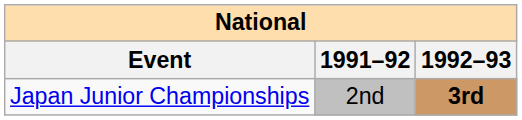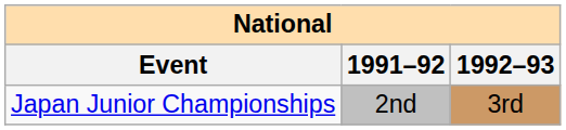 <table class="wikitable" style="text-align:center">
 <tr>
 <th style="background-color: #ffdead; " colspan=3 align=center>National</th>
 </tr>
 <tr>
 <th>Event</th>
 <th>1991–92</th>
 <th>1992–93</th>
 </tr>
 <tr>
 <td align=left><a href='#'>Japan Junior Championships</a></td>
 <td bgcolor=silver>2nd</td>
-<td bgcolor=cc9966><strong>3rd</strong></td>
+<td bgcolor=cc9966>3rd</td>
 </tr>
 </table>
